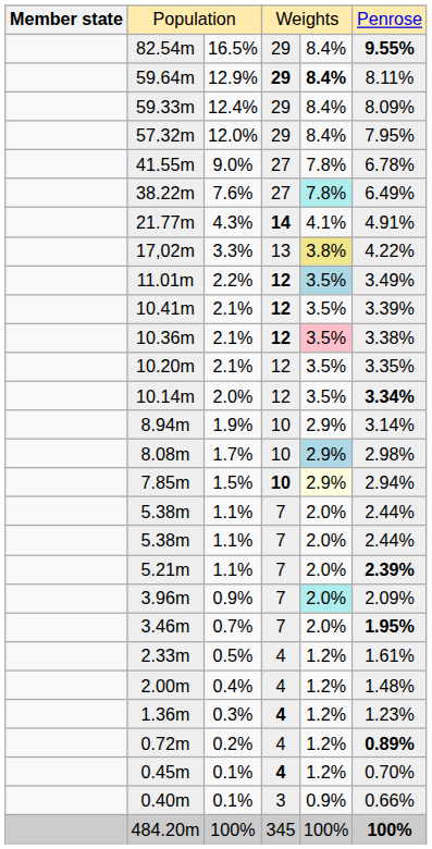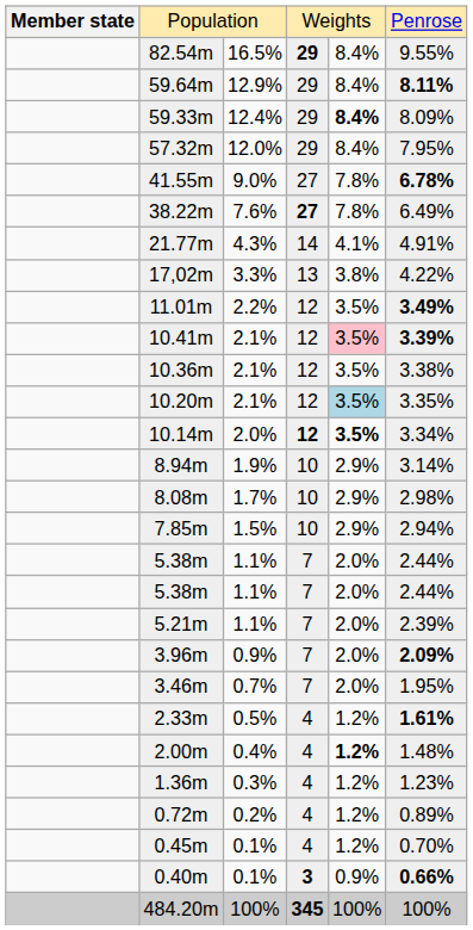 <table class="wikitable" style="float:right; font-size:80%; text-align:center; valign:bottom; margin-left:1em; margin-bottom:1em;">
 <tr style="background: #ffebad;">
 <th>Member state</th>
 <td colspan="2">Population</td>
 <td colspan="2">Weights</td>
 <td colspan="2"><a href='#'>Penrose</a></td>
 </tr>
 <tr>
 <td style="text-align:left;"></td>
 <td style="background: #efefef;">82.54m</td>
 <td>16.5%</td>
-<td style="background: #efefef;">29</td>
+<td style="background: #efefef;"><strong>29</strong></td>
 <td>8.4%</td>
-<td style="background: #efefef;"><strong>9.55%</strong></td>
+<td style="background: #efefef;">9.55%</td>
 </tr>
 <tr>
 <td style="text-align:left;"></td>
 <td style="background: #efefef;">59.64m</td>
 <td>12.9%</td>
-<td style="background: #efefef;"><strong>29</strong></td>
-<td><strong>8.4%</strong></td>
-<td style="background: #efefef;">8.11%</td>
+<td style="background: #efefef;">29</td>
+<td>8.4%</td>
+<td style="background: #efefef;"><strong>8.11%</strong></td>
 </tr>
 <tr>
 <td style="text-align:left;"></td>
 <td style="background: #efefef;">59.33m</td>
 <td>12.4%</td>
 <td style="background: #efefef;">29</td>
-<td>8.4%</td>
+<td><strong>8.4%</strong></td>
 <td style="background: #efefef;">8.09%</td>
 </tr>
 <tr>
 <td style="text-align:left;"></td>
 <td style="background: #efefef;">57.32m</td>
 <td>12.0%</td>
 <td style="background: #efefef;">29</td>
 <td>8.4%</td>
 <td style="background: #efefef;">7.95%</td>
 </tr>
 <tr>
 <td style="text-align:left;"></td>
 <td style="background: #efefef;">41.55m</td>
 <td>9.0%</td>
 <td style="background: #efefef;">27</td>
 <td>7.8%</td>
-<td style="background: #efefef;">6.78%</td>
+<td style="background: #efefef;"><strong>6.78%</strong></td>
 </tr>
 <tr>
 <td style="text-align:left;"></td>
 <td style="background: #efefef;">38.22m</td>
 <td>7.6%</td>
-<td style="background: #efefef;">27</td>
-<td style="background: paleturquoise;">7.8%</td>
+<td style="background: #efefef;"><strong>27</strong></td>
+<td>7.8%</td>
 <td style="background: #efefef;">6.49%</td>
 </tr>
 <tr>
 <td style="text-align:left;"></td>
 <td style="background: #efefef;">21.77m</td>
 <td>4.3%</td>
-<td style="background: #efefef;"><strong>14</strong></td>
+<td style="background: #efefef;">14</td>
 <td>4.1%</td>
 <td style="background: #efefef;">4.91%</td>
 </tr>
 <tr>
 <td style="text-align:left;"></td>
 <td style="background: #efefef;">17,02m</td>
 <td>3.3%</td>
 <td style="background: #efefef;">13</td>
-<td style="background: khaki;">3.8%</td>
+<td>3.8%</td>
 <td style="background: #efefef;">4.22%</td>
 </tr>
 <tr>
 <td style="text-align:left;"></td>
 <td style="background: #efefef;">11.01m</td>
 <td>2.2%</td>
-<td style="background: #efefef;"><strong>12</strong></td>
-<td style="background: lightblue;">3.5%</td>
-<td style="background: #efefef;">3.49%</td>
+<td style="background: #efefef;">12</td>
+<td>3.5%</td>
+<td style="background: #efefef;"><strong>3.49%</strong></td>
 </tr>
 <tr>
 <td style="text-align:left;"></td>
 <td style="background: #efefef;">10.41m</td>
 <td>2.1%</td>
-<td style="background: #efefef;"><strong>12</strong></td>
-<td>3.5%</td>
-<td style="background: #efefef;">3.39%</td>
+<td style="background: #efefef;">12</td>
+<td style="background: pink;">3.5%</td>
+<td style="background: #efefef;"><strong>3.39%</strong></td>
 </tr>
 <tr>
 <td style="text-align:left;"></td>
 <td style="background: #efefef;">10.36m</td>
 <td>2.1%</td>
-<td style="background: #efefef;"><strong>12</strong></td>
-<td style="background: pink;">3.5%</td>
+<td style="background: #efefef;">12</td>
+<td>3.5%</td>
 <td style="background: #efefef;">3.38%</td>
 </tr>
 <tr>
 <td style="text-align:left;"></td>
 <td style="background: #efefef;">10.20m</td>
 <td>2.1%</td>
 <td style="background: #efefef;">12</td>
-<td>3.5%</td>
+<td style="background: lightblue;">3.5%</td>
 <td style="background: #efefef;">3.35%</td>
 </tr>
 <tr>
 <td style="text-align:left;"></td>
 <td style="background: #efefef;">10.14m</td>
 <td>2.0%</td>
-<td style="background: #efefef;">12</td>
-<td>3.5%</td>
-<td style="background: #efefef;"><strong>3.34%</strong></td>
+<td style="background: #efefef;"><strong>12</strong></td>
+<td><strong>3.5%</strong></td>
+<td style="background: #efefef;">3.34%</td>
 </tr>
 <tr>
 <td style="text-align:left;"></td>
 <td style="background: #efefef;">8.94m</td>
 <td>1.9%</td>
 <td style="background: #efefef;">10</td>
 <td>2.9%</td>
 <td style="background: #efefef;">3.14%</td>
 </tr>
 <tr>
 <td style="text-align:left;"></td>
 <td style="background: #efefef;">8.08m</td>
 <td>1.7%</td>
 <td style="background: #efefef;">10</td>
-<td style="background: lightblue;">2.9%</td>
+<td>2.9%</td>
 <td style="background: #efefef;">2.98%</td>
 </tr>
 <tr>
 <td style="text-align:left;"></td>
 <td style="background: #efefef;">7.85m</td>
 <td>1.5%</td>
-<td style="background: #efefef;"><strong>10</strong></td>
-<td style="background: lightyellow;">2.9%</td>
+<td style="background: #efefef;">10</td>
+<td>2.9%</td>
 <td style="background: #efefef;">2.94%</td>
 </tr>
 <tr>
 <td style="text-align:left;"></td>
 <td style="background: #efefef;">5.38m</td>
 <td>1.1%</td>
 <td style="background: #efefef;">7</td>
 <td>2.0%</td>
 <td style="background: #efefef;">2.44%</td>
 </tr>
 <tr>
 <td style="text-align:left;"></td>
 <td style="background: #efefef;">5.38m</td>
 <td>1.1%</td>
 <td style="background: #efefef;">7</td>
 <td>2.0%</td>
 <td style="background: #efefef;">2.44%</td>
 </tr>
 <tr>
 <td style="text-align:left;"></td>
 <td style="background: #efefef;">5.21m</td>
 <td>1.1%</td>
 <td style="background: #efefef;">7</td>
 <td>2.0%</td>
-<td style="background: #efefef;"><strong>2.39%</strong></td>
+<td style="background: #efefef;">2.39%</td>
 </tr>
 <tr>
 <td style="text-align:left;"></td>
 <td style="background: #efefef;">3.96m</td>
 <td>0.9%</td>
 <td style="background: #efefef;">7</td>
-<td style="background: paleturquoise;">2.0%</td>
-<td style="background: #efefef;">2.09%</td>
+<td>2.0%</td>
+<td style="background: #efefef;"><strong>2.09%</strong></td>
 </tr>
 <tr>
 <td style="text-align:left;"></td>
 <td style="background: #efefef;">3.46m</td>
 <td>0.7%</td>
 <td style="background: #efefef;">7</td>
 <td>2.0%</td>
-<td style="background: #efefef;"><strong>1.95%</strong></td>
+<td style="background: #efefef;">1.95%</td>
 </tr>
 <tr>
 <td style="text-align:left;"></td>
 <td style="background: #efefef;">2.33m</td>
 <td>0.5%</td>
 <td style="background: #efefef;">4</td>
 <td>1.2%</td>
-<td style="background: #efefef;">1.61%</td>
+<td style="background: #efefef;"><strong>1.61%</strong></td>
 </tr>
 <tr>
 <td style="text-align:left;"></td>
 <td style="background: #efefef;">2.00m</td>
 <td>0.4%</td>
 <td style="background: #efefef;">4</td>
-<td>1.2%</td>
+<td><strong>1.2%</strong></td>
 <td style="background: #efefef;">1.48%</td>
 </tr>
 <tr>
 <td style="text-align:left;"></td>
 <td style="background: #efefef;">1.36m</td>
 <td>0.3%</td>
-<td style="background: #efefef;"><strong>4</strong></td>
+<td style="background: #efefef;">4</td>
 <td>1.2%</td>
 <td style="background: #efefef;">1.23%</td>
 </tr>
 <tr>
 <td style="text-align:left;"></td>
 <td style="background: #efefef;">0.72m</td>
 <td>0.2%</td>
 <td style="background: #efefef;">4</td>
 <td>1.2%</td>
-<td style="background: #efefef;"><strong>0.89%</strong></td>
+<td style="background: #efefef;">0.89%</td>
 </tr>
 <tr>
 <td style="text-align:left;"></td>
 <td style="background: #efefef;">0.45m</td>
 <td>0.1%</td>
-<td style="background: #efefef;"><strong>4</strong></td>
+<td style="background: #efefef;">4</td>
 <td>1.2%</td>
 <td style="background: #efefef;">0.70%</td>
 </tr>
 <tr>
 <td style="text-align:left;"></td>
 <td style="background: #efefef;">0.40m</td>
 <td>0.1%</td>
-<td style="background: #efefef;">3</td>
+<td style="background: #efefef;"><strong>3</strong></td>
 <td>0.9%</td>
-<td style="background: #efefef;">0.66%</td>
+<td style="background: #efefef;"><strong>0.66%</strong></td>
 </tr>
 <tr style="background:#cccccc;">
 <td style="text-align:left;"></td>
 <td>484.20m</td>
 <td>100%</td>
-<td>345</td>
+<td><strong>345</strong></td>
 <td>100%</td>
-<td><strong>100%</strong></td>
+<td>100%</td>
 </tr>
 </table>
